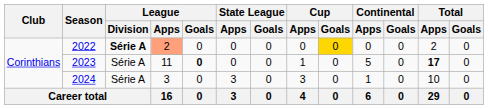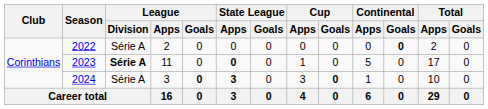 <table class="wikitable" style="text-align: center">
 <tr>
 <th rowspan="2">Club</th>
 <th rowspan="2">Season</th>
 <th colspan="3">League</th>
 <th colspan="2">State League</th>
 <th colspan="2">Cup</th>
 <th colspan="2">Continental</th>
 <th colspan="2">Total</th>
 </tr>
 <tr>
 <th>Division</th>
 <th>Apps</th>
 <th>Goals</th>
 <th>Apps</th>
 <th>Goals</th>
 <th>Apps</th>
 <th>Goals</th>
 <th>Apps</th>
 <th>Goals</th>
 <th>Apps</th>
 <th>Goals</th>
 </tr>
 <tr>
 <td rowspan="3"><a href='#'>Corinthians</a></td>
 <td><a href='#'>2022</a></td>
-<td><strong>Série A</strong></td>
-<td style="background: lightsalmon;">2</td>
+<td>Série A</td>
+<td>2</td>
 <td>0</td>
 <td>0</td>
 <td>0</td>
 <td>0</td>
-<td style="background: gold;">0</td>
 <td>0</td>
 <td>0</td>
+<td><strong>0</strong></td>
 <td>2</td>
 <td>0</td>
 </tr>
 <tr>
 <td><a href='#'>2023</a></td>
-<td>Série A</td>
+<td><strong>Série A</strong></td>
 <td>11</td>
+<td>0</td>
 <td><strong>0</strong></td>
-<td>0</td>
 <td>0</td>
 <td>1</td>
 <td>0</td>
 <td>5</td>
 <td>0</td>
-<td><strong>17</strong></td>
+<td>17</td>
 <td>0</td>
 </tr>
 <tr>
 <td><a href='#'>2024</a></td>
 <td>Série A</td>
 <td>3</td>
+<td><strong>0</strong></td>
+<td><strong>3</strong></td>
 <td>0</td>
 <td>3</td>
-<td>0</td>
-<td>3</td>
-<td>0</td>
+<td><strong>0</strong></td>
 <td>1</td>
 <td>0</td>
 <td>10</td>
 <td>0</td>
 </tr>
 <tr>
 <th colspan="3"><strong>Career total</strong></th>
 <th>16</th>
 <th>0</th>
 <th>3</th>
 <th>0</th>
 <th>4</th>
 <th>0</th>
 <th>6</th>
 <th>0</th>
 <th>29</th>
 <th>0</th>
 </tr>
 </table>
